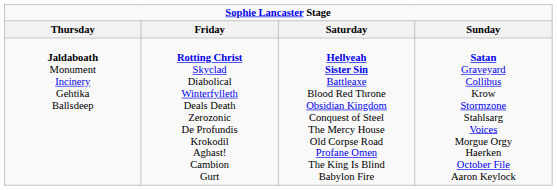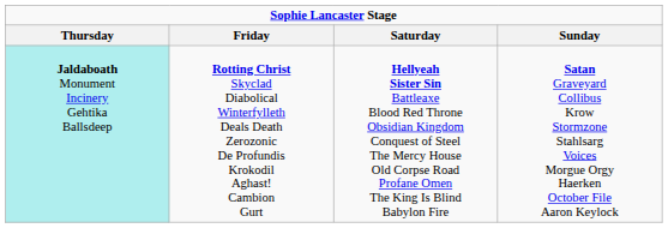 <table class="wikitable">
 <tr>
 <td colspan="4" align="center"><strong><a href='#'>Sophie Lancaster</a> Stage</strong></td>
 </tr>
 <tr>
 <th>Thursday</th>
 <th>Friday</th>
 <th>Saturday</th>
 <th>Sunday</th>
 </tr>
 <tr>
-<td valign="top" align="center" width=200><br><strong>Jaldaboath</strong><br> Monument<br> <a href='#'>Incinery</a><br> Gehtika<br> Ballsdeep<br></td>
+<td valign="top" align="center" width=200 style="background: paleturquoise;"><br><strong>Jaldaboath</strong><br> Monument<br> <a href='#'>Incinery</a><br> Gehtika<br> Ballsdeep<br></td>
 <td valign="top" align="center" width=200><br><strong><a href='#'>Rotting Christ</a></strong><br> <a href='#'>Skyclad</a><br> Diabolical<br> <a href='#'>Winterfylleth</a><br> Deals Death<br> Zerozonic<br> De Profundis<br> Krokodil<br> Aghast!<br> Cambion<br> Gurt<br></td>
 <td valign="top" align="center" width=200><br><strong><a href='#'>Hellyeah</a></strong><br> <strong><a href='#'>Sister Sin</a></strong><br> <a href='#'>Battleaxe</a><br> Blood Red Throne<br> <a href='#'>Obsidian Kingdom</a><br> Conquest of Steel<br> The Mercy House<br> Old Corpse Road<br> <a href='#'>Profane Omen</a><br> The King Is Blind<br> Babylon Fire<br></td>
 <td align="center" valign="top" width="200"><br><strong><a href='#'>Satan</a></strong><br> <a href='#'>Graveyard</a><br> <a href='#'>Collibus</a><br> Krow<br> <a href='#'>Stormzone</a><br> Stahlsarg<br> <a href='#'>Voices</a><br> Morgue Orgy<br> Haerken<br> <a href='#'>October File</a><br> Aaron Keylock<br></td>
 </tr>
 </table>
